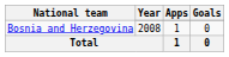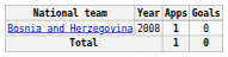 <table class="wikitable" style="text-align: center;">
 <tr>
 <th>National team</th>
 <th>Year</th>
 <th>Apps</th>
 <th>Goals</th>
 </tr>
 <tr>
 <td rowspan=2><a href='#'>Bosnia and Herzegovina</a></td>
 </tr>
 <tr>
 <td>2008</td>
-<td>1</td>
+<td><strong>1</strong></td>
 <td>0</td>
 </tr>
 <tr>
 <th colspan=2>Total</th>
 <th>1</th>
 <th>0</th>
 </tr>
 </table>
